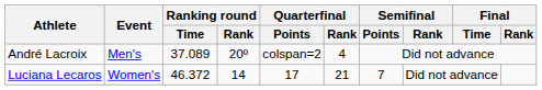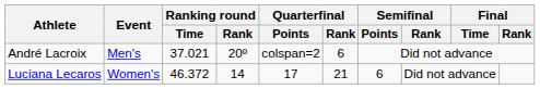 <table class="wikitable" style="font-size:90%;text-align:center">
 <tr>
 <th rowspan=2>Athlete</th>
 <th rowspan=2>Event</th>
 <th colspan=2>Ranking round</th>
 <th colspan=2>Quarterfinal</th>
 <th colspan=2>Semifinal</th>
 <th colspan=2>Final</th>
 </tr>
 <tr style=font-size:95%>
 <th>Time</th>
 <th>Rank</th>
 <th>Points</th>
 <th>Rank</th>
 <th>Points</th>
 <th>Rank</th>
 <th>Time</th>
 <th>Rank</th>
 </tr>
 <tr>
 <td align=left>André Lacroix</td>
 <td align=left><a href='#'>Men's</a></td>
-<td>37.089</td>
+<td>37.021</td>
 <td>20º</td>
 <td>colspan=2 </td>
-<td>4</td>
+<td>6</td>
 <td colspan=4>Did not advance</td>
 </tr>
 <tr>
 <td align=left><a href='#'>Luciana Lecaros</a></td>
 <td align=left><a href='#'>Women's</a></td>
 <td>46.372</td>
 <td>14</td>
 <td>17</td>
 <td>21</td>
-<td>7</td>
+<td>6</td>
 <td colspan=2>Did not advance</td>
 </tr>
 </table>
